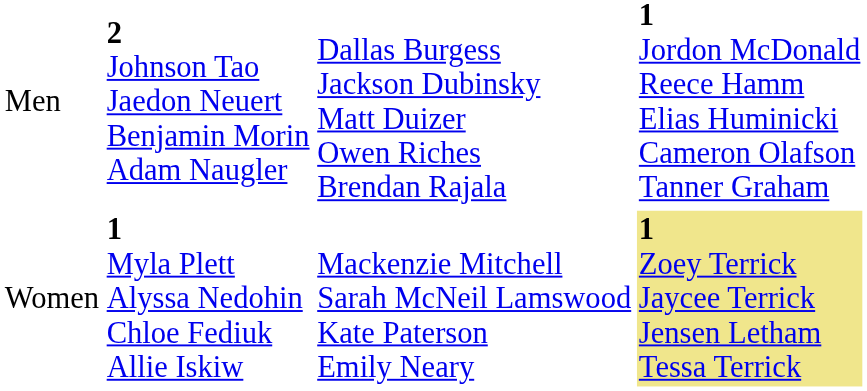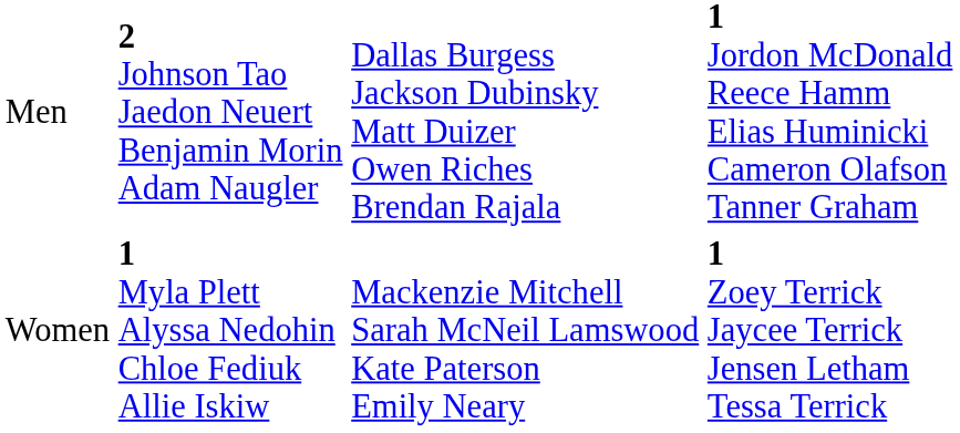 <table>
 <tr>
 <td>Men</td>
 <td><strong> 2</strong><br><a href='#'>Johnson Tao</a><br><a href='#'>Jaedon Neuert</a><br><a href='#'>Benjamin Morin</a><br><a href='#'>Adam Naugler</a></td>
 <td><strong></strong><br><a href='#'>Dallas Burgess</a><br><a href='#'>Jackson Dubinsky</a><br><a href='#'>Matt Duizer</a><br><a href='#'>Owen Riches</a><br><a href='#'>Brendan Rajala</a></td>
 <td><strong> 1</strong><br><a href='#'>Jordon McDonald</a><br><a href='#'>Reece Hamm</a><br><a href='#'>Elias Huminicki</a><br><a href='#'>Cameron Olafson</a><br><a href='#'>Tanner Graham</a></td>
 </tr>
 <tr>
 <td>Women</td>
 <td><strong> 1</strong><br><a href='#'>Myla Plett</a><br><a href='#'>Alyssa Nedohin</a><br><a href='#'>Chloe Fediuk</a><br><a href='#'>Allie Iskiw</a></td>
 <td><strong></strong><br><a href='#'>Mackenzie Mitchell</a><br><a href='#'>Sarah McNeil Lamswood</a><br><a href='#'>Kate Paterson</a><br><a href='#'>Emily Neary</a></td>
-<td style="background: khaki;"><strong> 1</strong><br><a href='#'>Zoey Terrick</a><br><a href='#'>Jaycee Terrick</a><br><a href='#'>Jensen Letham</a><br><a href='#'>Tessa Terrick</a></td>
+<td><strong> 1</strong><br><a href='#'>Zoey Terrick</a><br><a href='#'>Jaycee Terrick</a><br><a href='#'>Jensen Letham</a><br><a href='#'>Tessa Terrick</a></td>
 </tr>
 </table>
